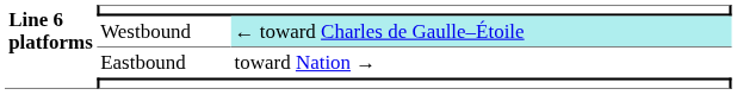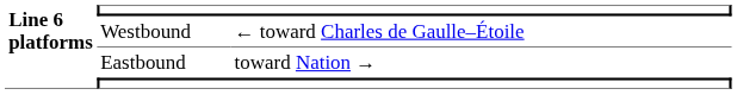 <table border=0 cellspacing=0 cellpadding=3>
 <tr>
 <td style="border-bottom:solid 1px gray;" width=50 rowspan=10 valign=top><strong>Line 6 platforms</strong></td>
 <td style="border-top:solid 1px gray;border-right:solid 2px black;border-left:solid 2px black;border-bottom:solid 2px black;text-align:center;" colspan=2></td>
 </tr>
 <tr>
 <td style="border-bottom:solid 1px gray;" width=100>Westbound</td>
-<td style="background: paleturquoise; border-bottom:solid 1px gray;" width=390>←   toward <a href='#'>Charles de Gaulle–Étoile</a> </td>
+<td style="border-bottom:solid 1px gray;" width=390>←   toward <a href='#'>Charles de Gaulle–Étoile</a> </td>
 </tr>
 <tr>
 <td>Eastbound</td>
 <td>   toward <a href='#'>Nation</a>  →</td>
 </tr>
 <tr>
 <td style="border-top:solid 2px black;border-right:solid 2px black;border-left:solid 2px black;border-bottom:solid 1px gray;text-align:center;" colspan=2></td>
 </tr>
 </table>
